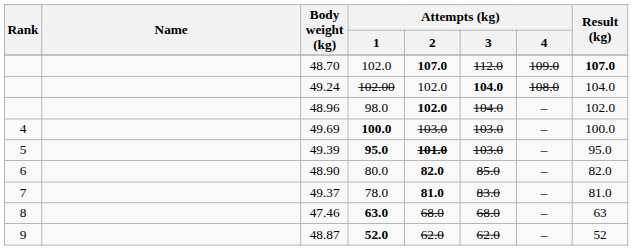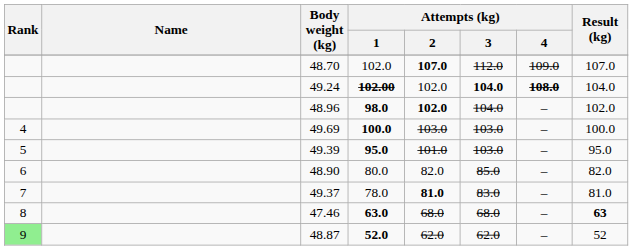 <table class="wikitable" style="text-align:center;">
 <tr>
 <th rowspan=2>Rank</th>
 <th rowspan=2 width=305>Name</th>
 <th rowspan=2 width=50>Body weight (kg)</th>
 <th colspan=4>Attempts (kg)</th>
 <th rowspan=2 width=60>Result (kg)</th>
 </tr>
 <tr>
 <th width=60>1</th>
 <th width=60>2</th>
 <th width=60>3</th>
 <th width=60>4</th>
 </tr>
 <tr>
 </tr>
 <tr>
 <td></td>
 <td align=left></td>
 <td>48.70</td>
 <td>102.0</td>
 <td><strong>107.0</strong> </td>
 <td><s>112.0</s></td>
 <td><s>109.0</s></td>
-<td><strong>107.0</strong></td>
+<td>107.0</td>
 </tr>
 <tr>
 <td></td>
 <td align=left></td>
 <td>49.24</td>
-<td><s>102.00</s></td>
+<td><strong><s>102.00</s></strong></td>
 <td>102.0</td>
 <td><strong>104.0</strong></td>
-<td><s>108.0</s></td>
+<td><strong><s>108.0</s></strong></td>
 <td>104.0</td>
 </tr>
 <tr>
 <td></td>
 <td align=left></td>
 <td>48.96</td>
-<td>98.0</td>
+<td><strong>98.0</strong></td>
 <td><strong>102.0</strong></td>
 <td><s>104.0</s></td>
 <td>–</td>
 <td>102.0</td>
 </tr>
 <tr>
 <td>4</td>
 <td align=left></td>
 <td>49.69</td>
 <td><strong>100.0</strong></td>
 <td><s>103.0</s></td>
 <td><s>103.0</s></td>
 <td>–</td>
 <td>100.0</td>
 </tr>
 <tr>
 <td>5</td>
 <td align=left></td>
 <td>49.39</td>
 <td><strong>95.0</strong></td>
-<td><strong><s>101.0</s></strong></td>
+<td><s>101.0</s></td>
 <td><s>103.0</s></td>
 <td>–</td>
 <td>95.0</td>
 </tr>
 <tr>
 <td>6</td>
 <td align=left></td>
 <td>48.90</td>
 <td>80.0</td>
-<td><strong>82.0</strong></td>
+<td>82.0</td>
 <td><s>85.0</s></td>
 <td>–</td>
 <td>82.0</td>
 </tr>
 <tr>
 <td>7</td>
 <td align=left></td>
 <td>49.37</td>
 <td>78.0</td>
 <td><strong>81.0</strong></td>
 <td><s>83.0</s></td>
 <td>–</td>
 <td>81.0</td>
 </tr>
 <tr>
 <td>8</td>
 <td align=left></td>
 <td>47.46</td>
 <td><strong>63.0</strong></td>
 <td><s>68.0</s></td>
 <td><s>68.0</s></td>
 <td>–</td>
-<td>63</td>
+<td><strong>63</strong></td>
 </tr>
 <tr>
-<td>9</td>
+<td style="background: lightgreen;">9</td>
 <td align=left></td>
 <td>48.87</td>
 <td><strong>52.0</strong></td>
 <td><s>62.0</s></td>
 <td><s>62.0</s></td>
 <td>–</td>
 <td>52</td>
 </tr>
 </table>
